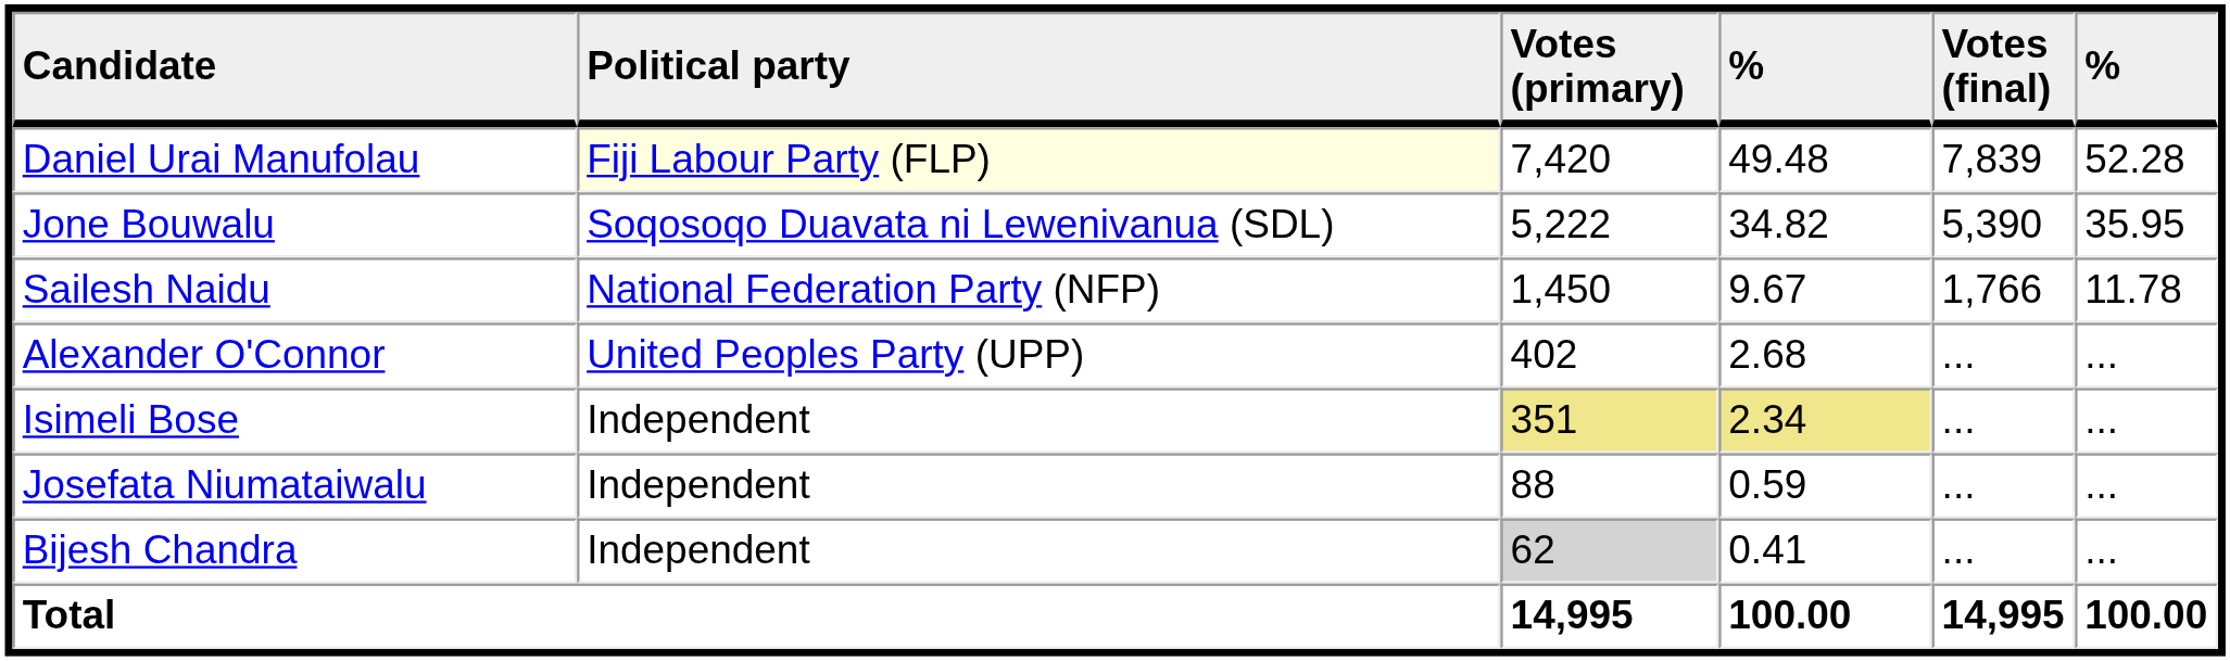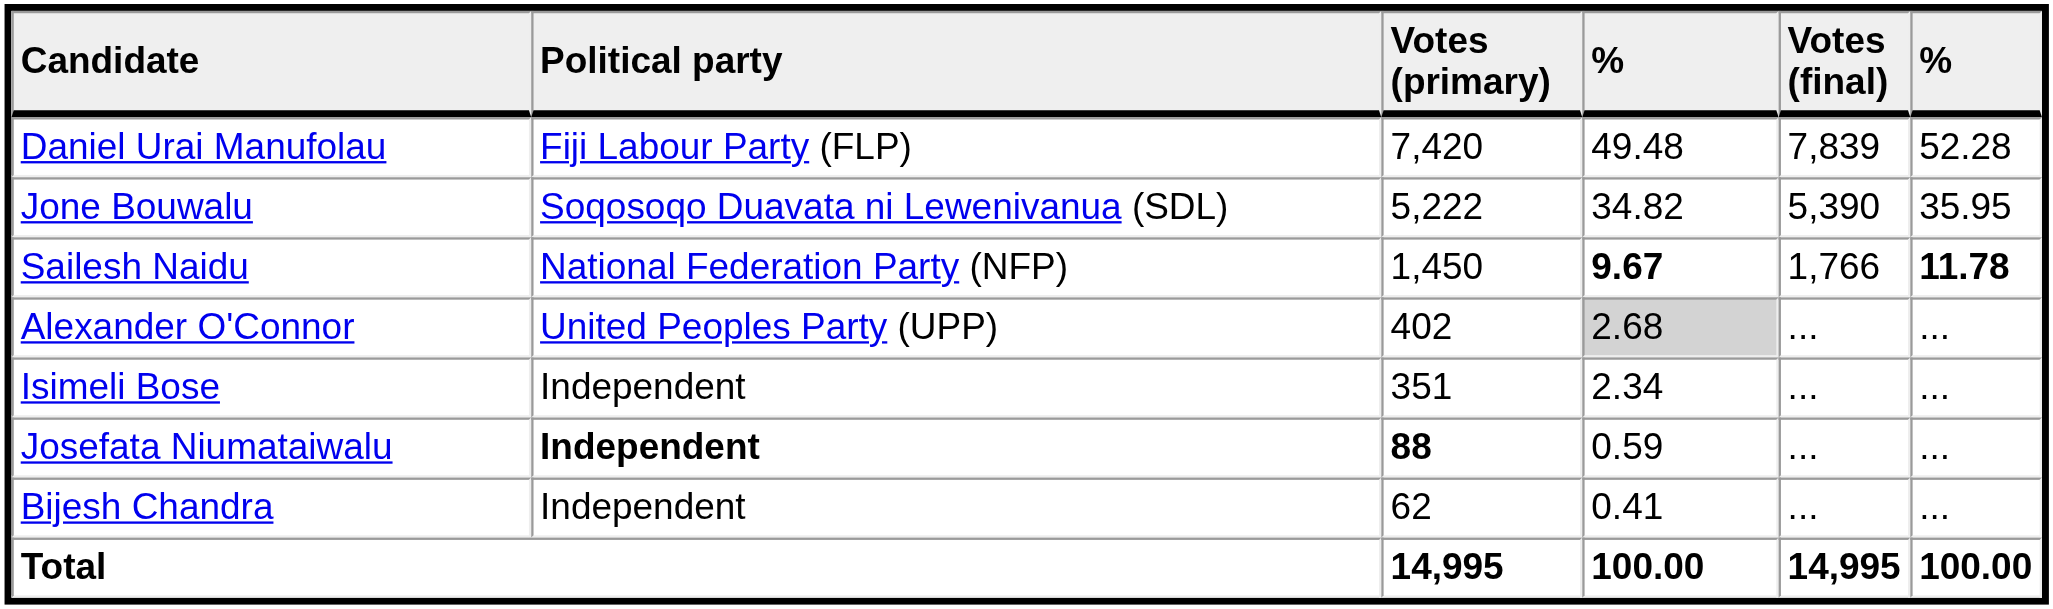 <table table width="70%" border="1" align="center" cellpadding=3 cellspacing=0 style="margin:5px; border:3px solid;">
 <tr>
 <td td width="27%" style="border-bottom:3px solid; background:#efefef;"><strong>Candidate</strong></td>
 <td td width="45%" style="border-bottom:3px solid; background:#efefef;"><strong>Political party</strong></td>
 <td td width="10%" style="border-bottom:3px solid; background:#efefef;"><strong>Votes<br>(primary)</strong></td>
 <td td width="10%" style="border-bottom:3px solid; background:#efefef;"><strong>%</strong></td>
 <td td width="4%" style="border-bottom:3px solid; background:#efefef;"><strong>Votes<br>(final)</strong></td>
 <td td width="4%" style="border-bottom:3px solid; background:#efefef;"><strong>%</strong></td>
 </tr>
 <tr>
 <td><a href='#'>Daniel Urai Manufolau</a></td>
-<td style="background: lightyellow;"><a href='#'>Fiji Labour Party</a> (FLP)</td>
+<td><a href='#'>Fiji Labour Party</a> (FLP)</td>
 <td>7,420</td>
 <td>49.48</td>
 <td>7,839</td>
 <td>52.28</td>
 </tr>
 <tr>
 <td><a href='#'>Jone Bouwalu</a></td>
 <td><a href='#'>Soqosoqo Duavata ni Lewenivanua</a> (SDL)</td>
 <td>5,222</td>
 <td>34.82</td>
 <td>5,390</td>
 <td>35.95</td>
 </tr>
 <tr>
 <td><a href='#'>Sailesh Naidu</a></td>
 <td><a href='#'>National Federation Party</a> (NFP)</td>
 <td>1,450</td>
-<td>9.67</td>
+<td><strong>9.67</strong></td>
 <td>1,766</td>
-<td>11.78</td>
+<td><strong>11.78</strong></td>
 </tr>
 <tr>
 <td><a href='#'>Alexander O'Connor</a></td>
 <td><a href='#'>United Peoples Party</a> (UPP)</td>
 <td>402</td>
-<td>2.68</td>
+<td style="background: lightgrey;">2.68</td>
 <td>...</td>
 <td>...</td>
 </tr>
 <tr>
 <td><a href='#'>Isimeli Bose</a></td>
 <td>Independent</td>
-<td style="background: khaki;">351</td>
-<td style="background: khaki;">2.34</td>
+<td>351</td>
+<td>2.34</td>
 <td>...</td>
 <td>...</td>
 </tr>
 <tr>
 <td><a href='#'>Josefata Niumataiwalu</a></td>
-<td>Independent</td>
-<td>88</td>
+<td><strong>Independent</strong></td>
+<td><strong>88</strong></td>
 <td>0.59</td>
 <td>...</td>
 <td>...</td>
 </tr>
 <tr>
 <td><a href='#'>Bijesh Chandra</a></td>
 <td>Independent</td>
-<td style="background: lightgrey;">62</td>
+<td>62</td>
 <td>0.41</td>
 <td>...</td>
 <td>...</td>
 </tr>
 <tr>
 <td colspan=2><strong>Total</strong></td>
 <td><strong>14,995</strong></td>
 <td><strong>100.00</strong></td>
 <td><strong>14,995</strong></td>
 <td><strong>100.00</strong></td>
 </tr>
 <tr>
 </tr>
 </table>
